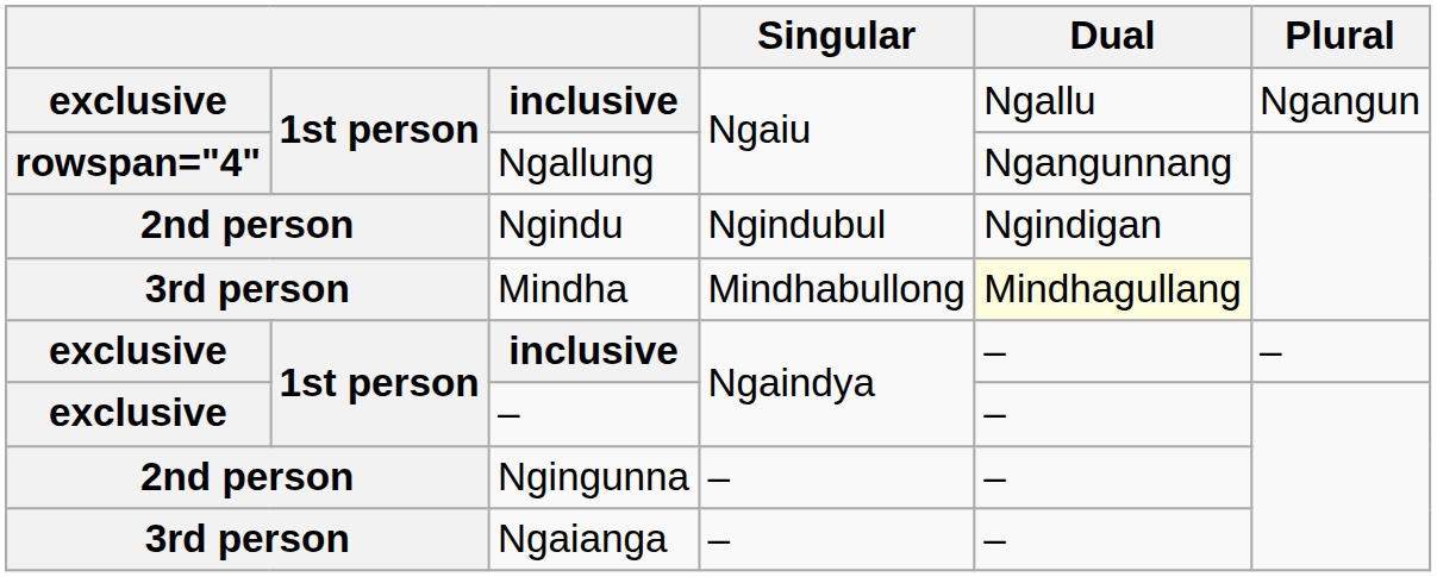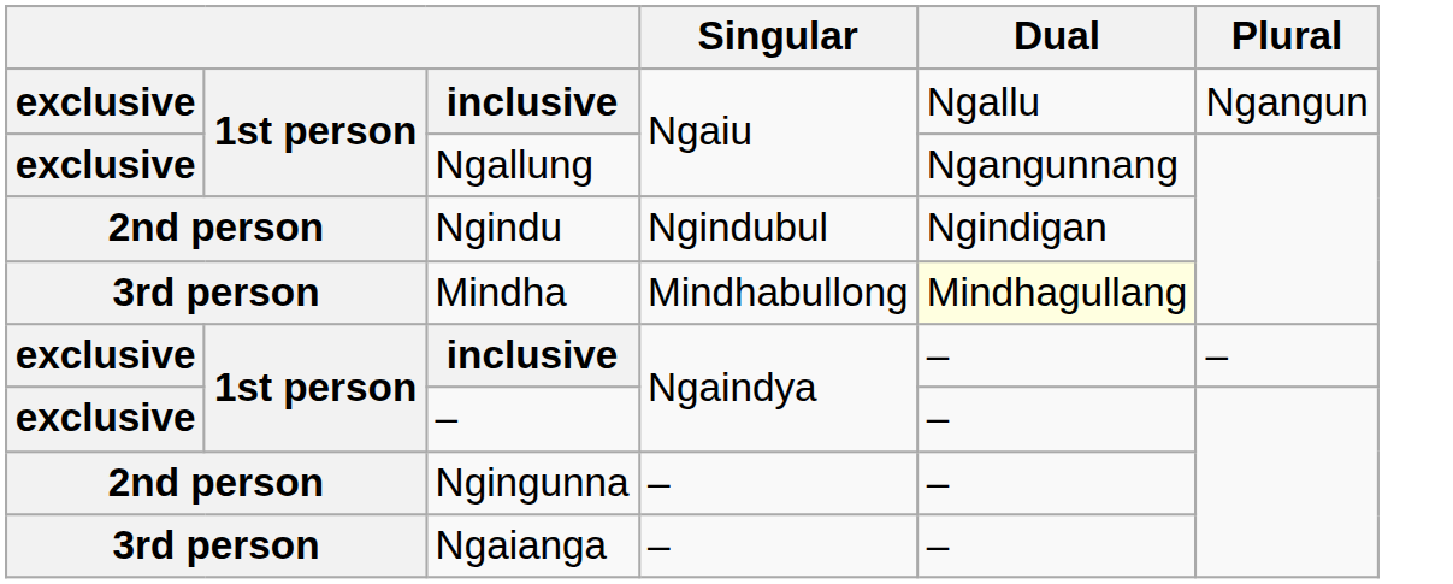 <table class="wikitable">
 <tr>
 <th colspan="3"></th>
 <th>Singular</th>
 <th>Dual</th>
 <th>Plural</th>
 </tr>
 <tr>
 <th>exclusive</th>
 <th rowspan="2">1st person</th>
 <th>inclusive</th>
 <td rowspan="2">Ngaiu</td>
 <td>Ngallu</td>
 <td>Ngangun</td>
 </tr>
 <tr>
-<th>rowspan="4" </th>
+<th>exclusive</th>
 <td>Ngallung</td>
 <td>Ngangunnang</td>
 </tr>
 <tr>
 <th colspan="2">2nd person</th>
 <td>Ngindu</td>
 <td>Ngindubul</td>
 <td>Ngindigan</td>
 </tr>
 <tr>
 <th colspan="2">3rd person</th>
 <td>Mindha</td>
 <td>Mindhabullong</td>
 <td style="background: lightyellow;">Mindhagullang</td>
 </tr>
 <tr>
 <th>exclusive</th>
 <th rowspan="2">1st person</th>
 <th>inclusive</th>
 <td rowspan="2">Ngaindya</td>
 <td>–</td>
 <td>–</td>
 </tr>
 <tr>
 <th>exclusive</th>
 <td>–</td>
 <td>–</td>
 </tr>
 <tr>
 <th colspan="2">2nd person</th>
 <td>Ngingunna</td>
 <td>–</td>
 <td>–</td>
 </tr>
 <tr>
 <th colspan="2">3rd person</th>
 <td>Ngaianga</td>
 <td>–</td>
 <td>–</td>
 </tr>
 </table>
